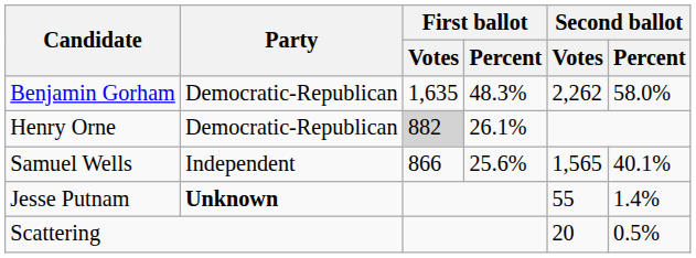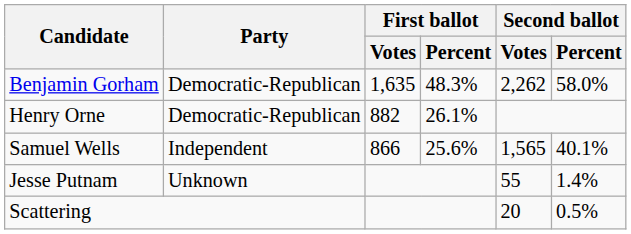 <table class=wikitable>
 <tr>
 <th rowspan=2>Candidate</th>
 <th rowspan=2>Party</th>
 <th colspan=2>First ballot</th>
 <th colspan=2>Second ballot</th>
 </tr>
 <tr>
 <th>Votes</th>
 <th>Percent</th>
 <th>Votes</th>
 <th>Percent</th>
 </tr>
 <tr>
 <td><a href='#'>Benjamin Gorham</a></td>
 <td>Democratic-Republican</td>
 <td>1,635</td>
 <td>48.3%</td>
 <td>2,262</td>
 <td>58.0%</td>
 </tr>
 <tr>
 <td>Henry Orne</td>
 <td>Democratic-Republican</td>
-<td style="background: lightgrey;">882</td>
+<td>882</td>
 <td>26.1%</td>
 <td colspan=2></td>
 </tr>
 <tr>
 <td>Samuel Wells</td>
 <td>Independent</td>
 <td>866</td>
 <td>25.6%</td>
 <td>1,565</td>
 <td>40.1%</td>
 </tr>
 <tr>
 <td>Jesse Putnam</td>
-<td><strong>Unknown</strong></td>
+<td>Unknown</td>
 <td colspan=2></td>
 <td>55</td>
 <td>1.4%</td>
 </tr>
 <tr>
 <td colspan=2>Scattering</td>
 <td colspan=2></td>
 <td>20</td>
 <td>0.5%</td>
 </tr>
 </table>
